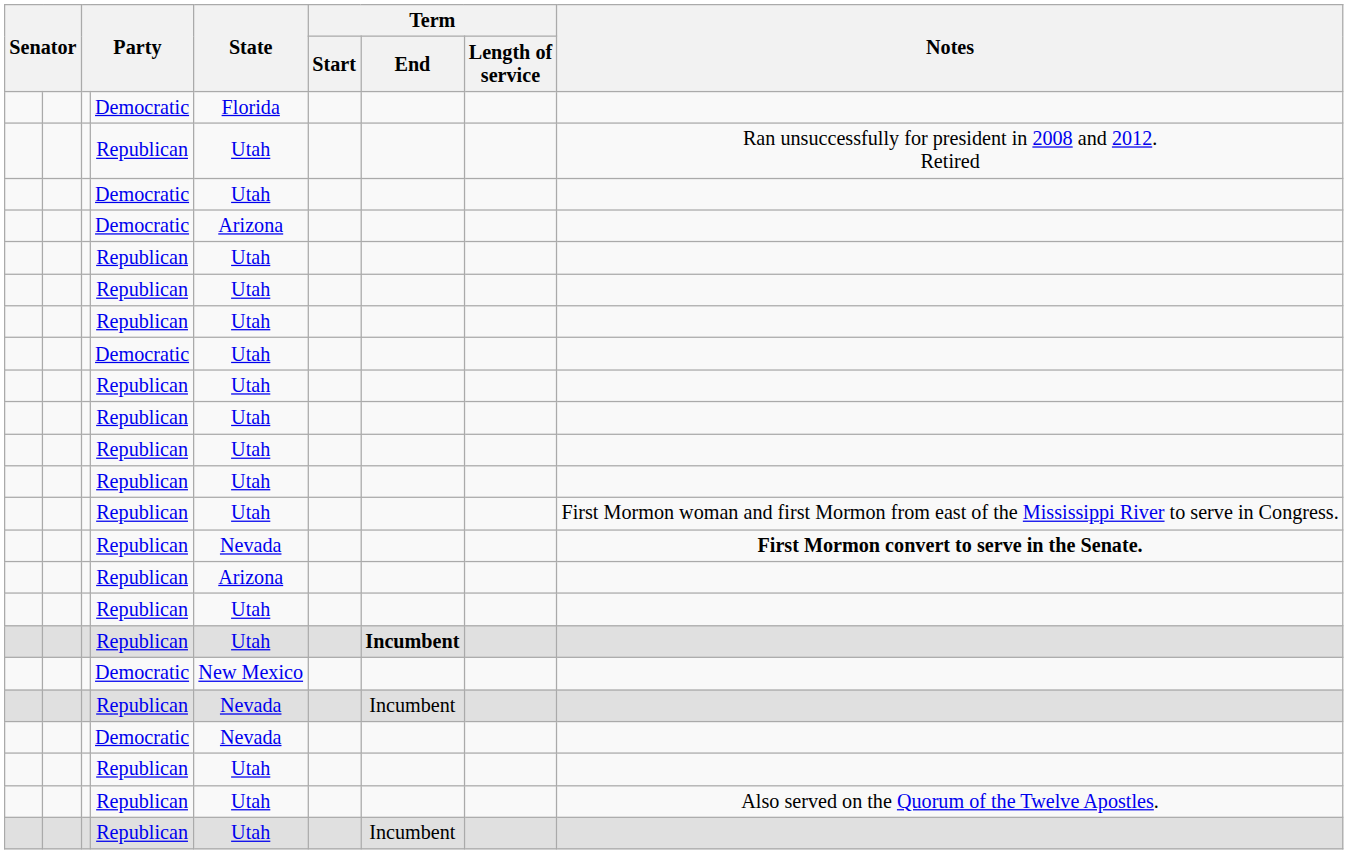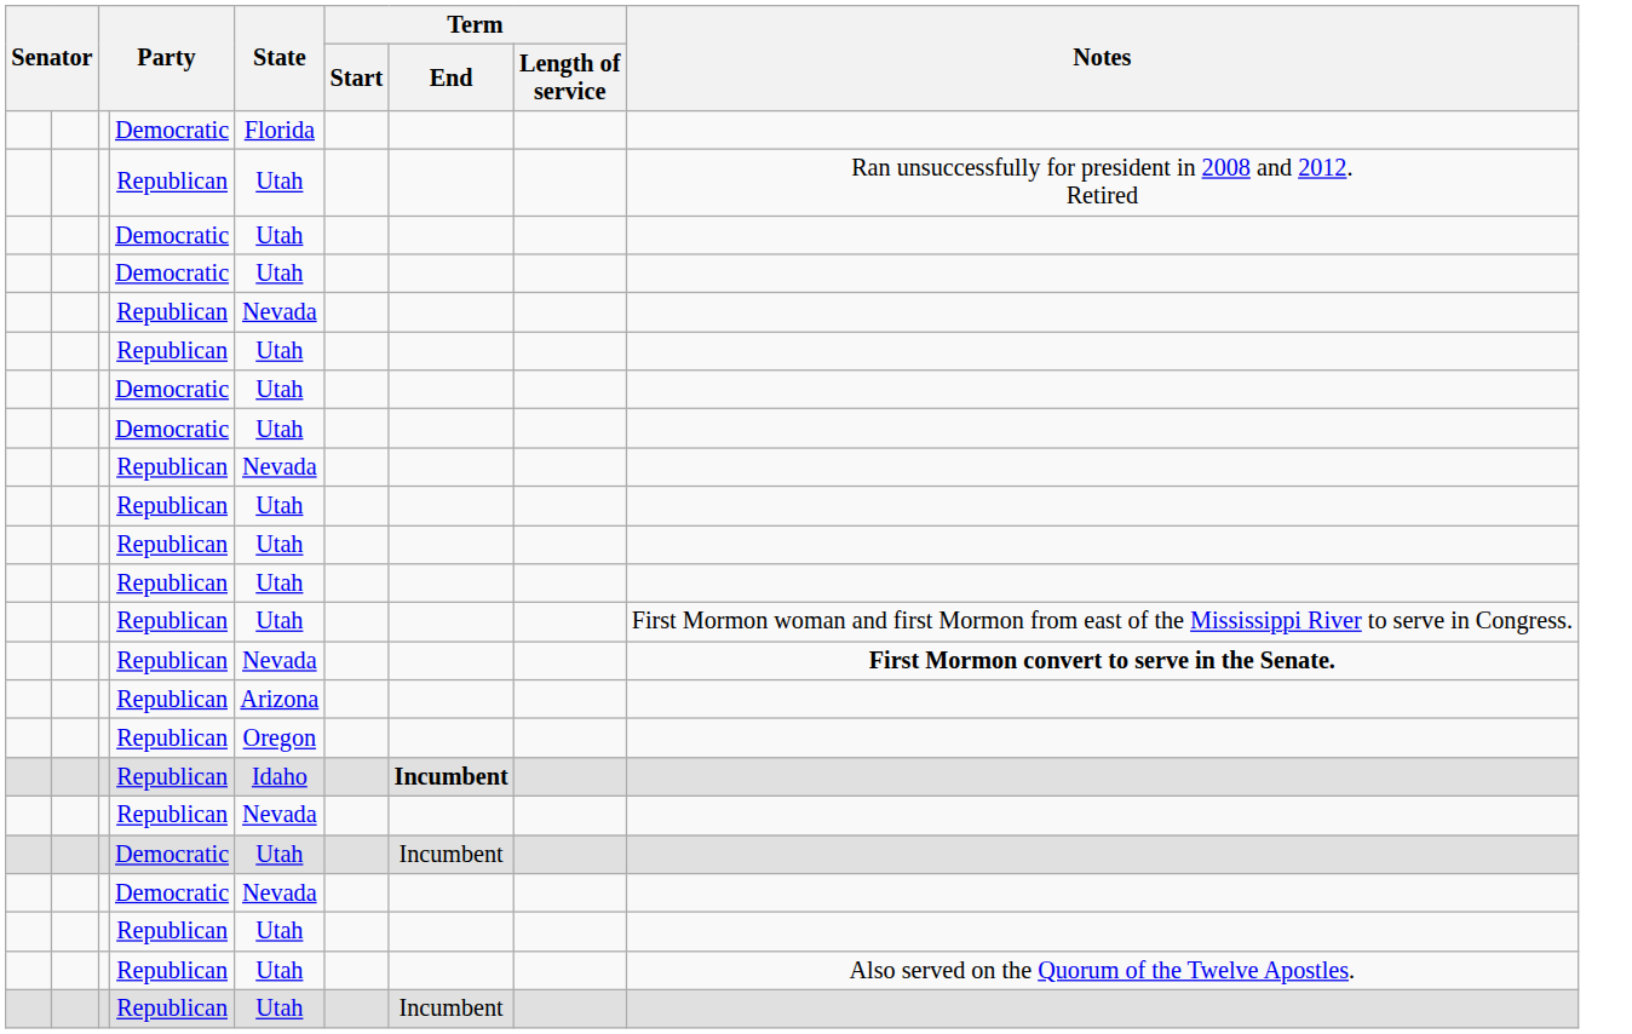 <table class="wikitable sortable" style="text-align:center">
 <tr>
 <th rowspan=2 colspan=2>Senator</th>
 <th rowspan=2 colspan=2>Party</th>
 <th rowspan=2>State</th>
 <th colspan="3">Term</th>
 <th rowspan=2>Notes</th>
 </tr>
 <tr>
 <th>Start</th>
 <th>End</th>
 <th>Length of<br>service</th>
 </tr>
 <tr>
 <td data-sort-value="Cannon, Frank J."></td>
 <td><strong></strong></td>
 <td style="background-color:"></td>
 <td><a href='#'>Democratic</a></td>
 <td><a href='#'>Florida</a></td>
 <td></td>
 <td></td>
 <td></td>
 <td></td>
 </tr>
 <tr>
 <td data-sort-value="Smoot, Reed"></td>
 <td><strong></strong></td>
 <td style="background-color:"></td>
 <td><a href='#'>Republican</a></td>
 <td><a href='#'>Utah</a></td>
 <td></td>
 <td></td>
 <td></td>
 <td>Ran unsuccessfully for president in <a href='#'>2008</a> and <a href='#'>2012</a>.<br>Retired</td>
 </tr>
 <tr>
 <td data-sort-value="King, William H."></td>
 <td><strong></strong></td>
 <td style="background-color:"></td>
 <td><a href='#'>Democratic</a></td>
 <td><a href='#'>Utah</a></td>
 <td></td>
 <td></td>
 <td></td>
 <td></td>
 </tr>
 <tr>
 <td data-sort-value="Thomas, Elbert D."></td>
 <td><strong></strong></td>
 <td style="background-color:"></td>
 <td><a href='#'>Democratic</a></td>
-<td><a href='#'>Arizona</a></td>
+<td><a href='#'>Utah</a></td>
 <td></td>
 <td></td>
 <td></td>
 <td></td>
 </tr>
 <tr>
 <td data-sort-value="Bunker, Berkeley L."></td>
 <td><strong></strong></td>
 <td style="background-color:"></td>
 <td><a href='#'>Republican</a></td>
-<td><a href='#'>Utah</a></td>
+<td><a href='#'>Nevada</a></td>
 <td></td>
 <td></td>
 <td></td>
 <td></td>
 </tr>
 <tr>
 <td data-sort-value="Murdock, Orrice Abram, Jr."></td>
 <td><strong></strong></td>
 <td style="background-color:"></td>
 <td><a href='#'>Republican</a></td>
 <td><a href='#'>Utah</a></td>
 <td></td>
 <td></td>
 <td></td>
 <td></td>
 </tr>
 <tr>
 <td data-sort-value="Watkins, Arthur Vivian"></td>
 <td><strong></strong></td>
 <td style="background-color:"></td>
-<td><a href='#'>Republican</a></td>
+<td><a href='#'>Democratic</a></td>
 <td><a href='#'>Utah</a></td>
 <td></td>
 <td></td>
 <td></td>
 <td></td>
 </tr>
 <tr>
 <td data-sort-value="Bennett, Wallace F."></td>
 <td><strong></strong></td>
 <td style="background-color:"></td>
 <td><a href='#'>Democratic</a></td>
 <td><a href='#'>Utah</a></td>
 <td></td>
 <td></td>
 <td></td>
 <td></td>
 </tr>
 <tr>
 <td data-sort-value="Cannon, Howard"></td>
 <td><strong></strong></td>
 <td style="background-color:"></td>
 <td><a href='#'>Republican</a></td>
-<td><a href='#'>Utah</a></td>
+<td><a href='#'>Nevada</a></td>
 <td></td>
 <td></td>
 <td></td>
 <td></td>
 </tr>
 <tr>
 <td data-sort-value="Moss, Frank"></td>
 <td><strong></strong></td>
 <td style="background-color:"></td>
 <td><a href='#'>Republican</a></td>
 <td><a href='#'>Utah</a></td>
 <td></td>
 <td></td>
 <td></td>
 <td></td>
 </tr>
 <tr>
 <td data-sort-value="Garn, Jake"></td>
 <td><strong></strong></td>
 <td style="background-color:"></td>
 <td><a href='#'>Republican</a></td>
 <td><a href='#'>Utah</a></td>
 <td></td>
 <td></td>
 <td></td>
 <td></td>
 </tr>
 <tr>
 <td data-sort-value="Hatch, Orrin"></td>
 <td><strong></strong></td>
 <td style="background-color:"></td>
 <td><a href='#'>Republican</a></td>
 <td><a href='#'>Utah</a></td>
 <td></td>
 <td></td>
 <td></td>
 <td></td>
 </tr>
 <tr>
 <td data-sort-value="Hawkins, Paula"></td>
 <td><strong></strong></td>
 <td style="background-color:"></td>
 <td><a href='#'>Republican</a></td>
 <td><a href='#'>Utah</a></td>
 <td></td>
 <td></td>
 <td></td>
 <td>First Mormon woman and first Mormon from east of the <a href='#'>Mississippi River</a> to serve in Congress.</td>
 </tr>
 <tr>
 <td data-sort-value="Reid, Harry"></td>
 <td><strong></strong></td>
 <td style="background-color:"></td>
 <td><a href='#'>Republican</a></td>
 <td><a href='#'>Nevada</a></td>
 <td></td>
 <td></td>
 <td></td>
 <td><strong>First Mormon convert to serve in the Senate.</strong></td>
 </tr>
 <tr>
 <td data-sort-value="Bennett, Bob"></td>
 <td><strong></strong></td>
 <td style="background-color:"></td>
 <td><a href='#'>Republican</a></td>
 <td><a href='#'>Arizona</a></td>
 <td></td>
 <td></td>
 <td></td>
 <td></td>
 </tr>
 <tr>
 <td data-sort-value="Smith, Gordon H."></td>
 <td><strong></strong></td>
 <td style="background-color:"></td>
 <td><a href='#'>Republican</a></td>
-<td><a href='#'>Utah</a></td>
+<td><a href='#'>Oregon</a></td>
 <td></td>
 <td></td>
 <td></td>
 <td></td>
 </tr>
 <tr style="background:#e0e0e0">
 <td data-sort-value="Crapo, Mike"></td>
 <td><strong></strong></td>
 <td style="background-color:"></td>
 <td><a href='#'>Republican</a></td>
-<td><a href='#'>Utah</a></td>
+<td><a href='#'>Idaho</a></td>
 <td></td>
 <td><strong>Incumbent</strong></td>
 <td></td>
 <td></td>
 </tr>
 <tr>
 <td data-sort-value="Udall, Tom"></td>
 <td><strong></strong></td>
 <td style="background-color:"></td>
-<td><a href='#'>Democratic</a></td>
-<td><a href='#'>New Mexico</a></td>
+<td><a href='#'>Republican</a></td>
+<td><a href='#'>Nevada</a></td>
 <td></td>
 <td></td>
 <td></td>
 <td></td>
 </tr>
 <tr style="background:#e0e0e0">
 <td data-sort-value="Lee, Mike"></td>
 <td><strong></strong></td>
 <td style="background-color:"></td>
-<td><a href='#'>Republican</a></td>
-<td><a href='#'>Nevada</a></td>
+<td><a href='#'>Democratic</a></td>
+<td><a href='#'>Utah</a></td>
 <td></td>
 <td>Incumbent</td>
 <td></td>
 <td></td>
 </tr>
 <tr>
 <td data-sort-value="Heller, Dean"></td>
 <td><strong></strong></td>
 <td style="background-color:"></td>
 <td><a href='#'>Democratic</a></td>
 <td><a href='#'>Nevada</a></td>
 <td></td>
 <td></td>
 <td></td>
 <td></td>
 </tr>
 <tr>
 <td data-sort-value="Flake, Jeff"></td>
 <td><strong></strong></td>
 <td style="background-color:"></td>
 <td><a href='#'>Republican</a></td>
 <td><a href='#'>Utah</a></td>
 <td></td>
 <td></td>
 <td></td>
 <td></td>
 </tr>
 <tr>
 <td data-sort-value="Romney, Mitt"></td>
 <td><strong></strong></td>
 <td style="background-color:"></td>
 <td><a href='#'>Republican</a></td>
 <td><a href='#'>Utah</a></td>
 <td></td>
 <td></td>
 <td></td>
 <td>Also served on the <a href='#'>Quorum of the Twelve Apostles</a>.</td>
 </tr>
 <tr style="background:#e0e0e0">
 <td></td>
 <td><strong></strong></td>
 <td style="background-color:"></td>
 <td><a href='#'>Republican</a></td>
 <td><a href='#'>Utah</a></td>
 <td></td>
 <td>Incumbent</td>
 <td></td>
 <td></td>
 </tr>
 </table>
